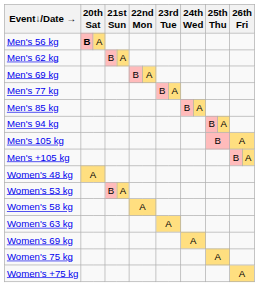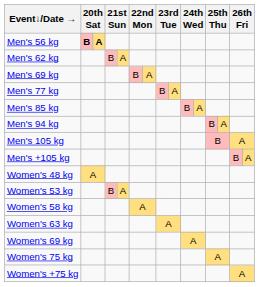 <table class="wikitable" style="margin:0.5em auto; font-size:90%; line-height:1.25em; text-align:center;">
 <tr>
 <th>Event↓/Date →</th>
 <th colspan=2>20th<br>Sat</th>
 <th colspan=2>21st<br>Sun</th>
 <th colspan=2>22nd<br>Mon</th>
 <th colspan=2>23rd<br>Tue</th>
 <th colspan=2>24th<br>Wed</th>
 <th colspan=2>25th<br>Thu</th>
 <th colspan=2>26th<br>Fri</th>
 </tr>
 <tr>
 <td align="left"><a href='#'>Men's 56 kg</a></td>
 <td bgcolor="#FFBBBB"><strong>B</strong></td>
-<td bgcolor="#FFDF80">A</td>
+<td bgcolor="#FFDF80"><strong>A</strong></td>
 <td colspan=2></td>
 <td colspan=2></td>
 <td colspan=2></td>
 <td colspan=2></td>
 <td colspan=2></td>
 <td colspan=2></td>
 </tr>
 <tr>
 <td align="left"><a href='#'>Men's 62 kg</a></td>
 <td colspan=2></td>
 <td bgcolor="#FFBBBB">B</td>
 <td bgcolor="#FFDF80">A</td>
 <td colspan=2></td>
 <td colspan=2></td>
 <td colspan=2></td>
 <td colspan=2></td>
 <td colspan=2></td>
 </tr>
 <tr>
 <td align="left"><a href='#'>Men's 69 kg</a></td>
 <td colspan=2></td>
 <td colspan=2></td>
 <td bgcolor="#FFBBBB">B</td>
 <td bgcolor="#FFDF80">A</td>
 <td colspan=2></td>
 <td colspan=2></td>
 <td colspan=2></td>
 <td colspan=2></td>
 </tr>
 <tr>
 <td align="left"><a href='#'>Men's 77 kg</a></td>
 <td colspan=2></td>
 <td colspan=2></td>
 <td colspan=2></td>
 <td bgcolor="#FFBBBB">B</td>
 <td bgcolor="#FFDF80">A</td>
 <td colspan=2></td>
 <td colspan=2></td>
 <td colspan=2></td>
 </tr>
 <tr>
 <td align="left"><a href='#'>Men's 85 kg</a></td>
 <td colspan=2></td>
 <td colspan=2></td>
 <td colspan=2></td>
 <td colspan=2></td>
 <td bgcolor="#FFBBBB">B</td>
 <td bgcolor="#FFDF80">A</td>
 <td colspan=2></td>
 <td colspan=2></td>
 </tr>
 <tr>
 <td align="left"><a href='#'>Men's 94 kg</a></td>
 <td colspan=2></td>
 <td colspan=2></td>
 <td colspan=2></td>
 <td colspan=2></td>
 <td colspan=2></td>
 <td bgcolor="#FFBBBB">B</td>
 <td bgcolor="#FFDF80">A</td>
 <td colspan=2></td>
 </tr>
 <tr>
 <td align="left"><a href='#'>Men's 105 kg</a></td>
 <td colspan=2></td>
 <td colspan=2></td>
 <td colspan=2></td>
 <td colspan=2></td>
 <td colspan=2></td>
 <td colspan=2 bgcolor="#FFBBBB">B</td>
 <td colspan=2 bgcolor="#FFDF80">A</td>
 </tr>
 <tr>
 <td align="left"><a href='#'>Men's +105 kg</a></td>
 <td colspan=2></td>
 <td colspan=2></td>
 <td colspan=2></td>
 <td colspan=2></td>
 <td colspan=2></td>
 <td colspan=2></td>
 <td bgcolor="#FFBBBB">B</td>
 <td bgcolor="#FFDF80">A</td>
 </tr>
 <tr>
 <td align="left"><a href='#'>Women's 48 kg</a></td>
 <td colspan=2 bgcolor="#FFDF80">A</td>
 <td colspan=2></td>
 <td colspan=2></td>
 <td colspan=2></td>
 <td colspan=2></td>
 <td colspan=2></td>
 <td colspan=2></td>
 </tr>
 <tr>
 <td align="left"><a href='#'>Women's 53 kg</a></td>
 <td colspan=2></td>
 <td bgcolor="#FFBBBB">B</td>
 <td bgcolor="#FFDF80">A</td>
 <td colspan=2></td>
 <td colspan=2></td>
 <td colspan=2></td>
 <td colspan=2></td>
 <td colspan=2></td>
 </tr>
 <tr>
 <td align="left"><a href='#'>Women's 58 kg</a></td>
 <td colspan=2></td>
 <td colspan=2></td>
 <td colspan=2 bgcolor="#FFDF80">A</td>
 <td colspan=2></td>
 <td colspan=2></td>
 <td colspan=2></td>
 <td colspan=2></td>
 </tr>
 <tr>
 <td align="left"><a href='#'>Women's 63 kg</a></td>
 <td colspan=2></td>
 <td colspan=2></td>
 <td colspan=2></td>
 <td colspan=2 bgcolor="#FFDF80">A</td>
 <td colspan=2></td>
 <td colspan=2></td>
 <td colspan=2></td>
 </tr>
 <tr>
 <td align="left"><a href='#'>Women's 69 kg</a></td>
 <td colspan=2></td>
 <td colspan=2></td>
 <td colspan=2></td>
 <td colspan=2></td>
 <td colspan=2 bgcolor="#FFDF80">A</td>
 <td colspan=2></td>
 <td colspan=2></td>
 </tr>
 <tr>
 <td align="left"><a href='#'>Women's 75 kg</a></td>
 <td colspan=2></td>
 <td colspan=2></td>
 <td colspan=2></td>
 <td colspan=2></td>
 <td colspan=2></td>
 <td colspan=2 bgcolor="#FFDF80">A</td>
 <td colspan=2></td>
 </tr>
 <tr>
 <td align="left"><a href='#'>Women's +75 kg</a></td>
 <td colspan=2></td>
 <td colspan=2></td>
 <td colspan=2></td>
 <td colspan=2></td>
 <td colspan=2></td>
 <td colspan=2></td>
 <td colspan=2 bgcolor="#FFDF80">A</td>
 </tr>
 </table>
